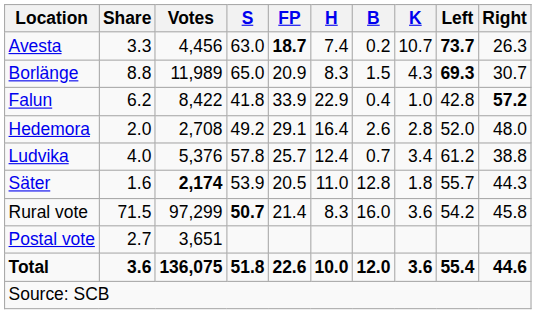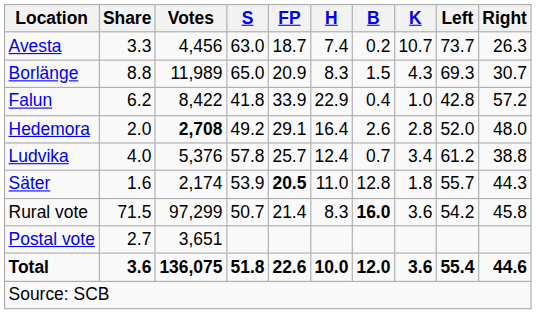 <table class="wikitable sortable" style=text-align:right>
 <tr>
 <th>Location</th>
 <th>Share</th>
 <th>Votes</th>
 <th><a href='#'>S</a></th>
 <th><a href='#'>FP</a></th>
 <th><a href='#'>H</a></th>
 <th><a href='#'>B</a></th>
 <th><a href='#'>K</a></th>
 <th>Left</th>
 <th>Right</th>
 </tr>
 <tr>
 <td align=left><a href='#'>Avesta</a></td>
 <td>3.3</td>
 <td>4,456</td>
 <td>63.0</td>
-<td><strong>18.7</strong></td>
+<td>18.7</td>
 <td>7.4</td>
 <td>0.2</td>
 <td>10.7</td>
-<td><strong>73.7</strong></td>
+<td>73.7</td>
 <td>26.3</td>
 </tr>
 <tr>
 <td align=left><a href='#'>Borlänge</a></td>
 <td>8.8</td>
 <td>11,989</td>
 <td>65.0</td>
 <td>20.9</td>
 <td>8.3</td>
 <td>1.5</td>
 <td>4.3</td>
-<td><strong>69.3</strong></td>
+<td>69.3</td>
 <td>30.7</td>
 </tr>
 <tr>
 <td align=left><a href='#'>Falun</a></td>
 <td>6.2</td>
 <td>8,422</td>
 <td>41.8</td>
 <td>33.9</td>
 <td>22.9</td>
 <td>0.4</td>
 <td>1.0</td>
 <td>42.8</td>
-<td><strong>57.2</strong></td>
+<td>57.2</td>
 </tr>
 <tr>
 <td align=left><a href='#'>Hedemora</a></td>
 <td>2.0</td>
-<td>2,708</td>
+<td><strong>2,708</strong></td>
 <td>49.2</td>
 <td>29.1</td>
 <td>16.4</td>
 <td>2.6</td>
 <td>2.8</td>
 <td>52.0</td>
 <td>48.0</td>
 </tr>
 <tr>
 <td align=left><a href='#'>Ludvika</a></td>
 <td>4.0</td>
 <td>5,376</td>
 <td>57.8</td>
 <td>25.7</td>
 <td>12.4</td>
 <td>0.7</td>
 <td>3.4</td>
 <td>61.2</td>
 <td>38.8</td>
 </tr>
 <tr>
 <td align=left><a href='#'>Säter</a></td>
 <td>1.6</td>
-<td><strong>2,174</strong></td>
+<td>2,174</td>
 <td>53.9</td>
-<td>20.5</td>
+<td><strong>20.5</strong></td>
 <td>11.0</td>
 <td>12.8</td>
 <td>1.8</td>
 <td>55.7</td>
 <td>44.3</td>
 </tr>
 <tr>
 <td align=left>Rural vote</td>
 <td>71.5</td>
 <td>97,299</td>
-<td><strong>50.7</strong></td>
+<td>50.7</td>
 <td>21.4</td>
 <td>8.3</td>
-<td>16.0</td>
+<td><strong>16.0</strong></td>
 <td>3.6</td>
 <td>54.2</td>
 <td>45.8</td>
 </tr>
 <tr>
 <td align=left><a href='#'>Postal vote</a></td>
 <td>2.7</td>
 <td>3,651</td>
 <td></td>
 <td></td>
 <td></td>
 <td></td>
 <td></td>
 <td></td>
 <td></td>
 </tr>
 <tr>
 <td align=left><strong>Total</strong></td>
 <td><strong>3.6</strong></td>
 <td><strong>136,075</strong></td>
 <td><strong>51.8</strong></td>
 <td><strong>22.6</strong></td>
 <td><strong>10.0</strong></td>
 <td><strong>12.0</strong></td>
 <td><strong>3.6</strong></td>
 <td><strong>55.4</strong></td>
 <td><strong>44.6</strong></td>
 </tr>
 <tr>
 <td align=left colspan=10>Source: SCB </td>
 </tr>
 </table>
